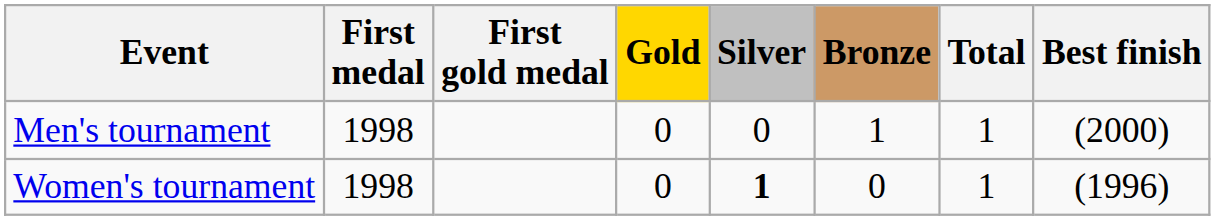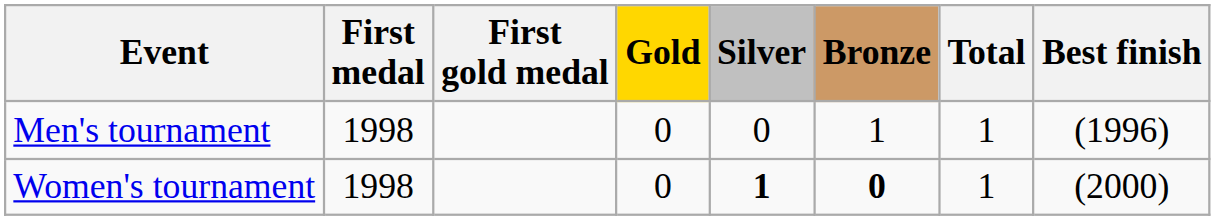 <table class="wikitable sortable" style="text-align:center">
 <tr>
 <th>Event</th>
 <th>First<br>medal</th>
 <th>First<br>gold medal</th>
 <th style="background-color:gold;">Gold</th>
 <th style="background-color:silver;">Silver</th>
 <th style="background-color:#c96;">Bronze</th>
 <th>Total</th>
 <th>Best finish</th>
 </tr>
 <tr>
 <td align=left><a href='#'>Men's tournament</a></td>
 <td>1998</td>
 <td></td>
 <td>0</td>
 <td>0</td>
 <td>1</td>
 <td>1</td>
-<td> (2000)</td>
+<td> (1996)</td>
 </tr>
 <tr>
 <td align=left><a href='#'>Women's tournament</a></td>
 <td>1998</td>
 <td></td>
 <td>0</td>
 <td><strong>1</strong></td>
-<td>0</td>
+<td><strong>0</strong></td>
 <td>1</td>
-<td> (1996)</td>
+<td> (2000)</td>
 </tr>
 </table>
